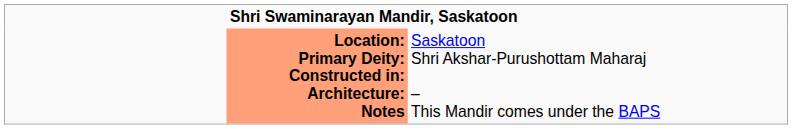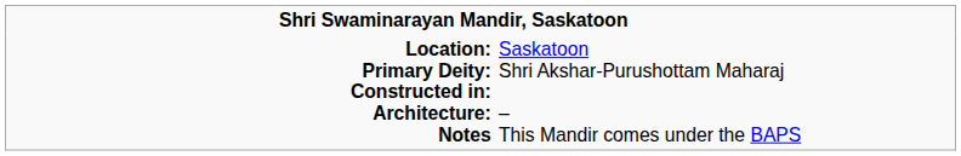 <table class="wikitable plain" border="0" width="800">
 <tr>
 <td width="220px" rowspan="2" style="border:none;"></td>
 <td valign="top" colspan=2 style="border:none;"><strong>Shri Swaminarayan Mandir, Saskatoon</strong></td>
 </tr>
 <tr>
-<td valign="top" style="background: lightsalmon; text-align:right; border:none;"><strong>Location:</strong> <br><strong>Primary Deity:</strong><br><strong>Constructed in:</strong><br><strong>Architecture:</strong><br><strong>Notes</strong></td>
+<td valign="top" style="text-align:right; border:none;"><strong>Location:</strong> <br><strong>Primary Deity:</strong><br><strong>Constructed in:</strong><br><strong>Architecture:</strong><br><strong>Notes</strong></td>
 <td valign="top" style="border:none;"><a href='#'>Saskatoon</a> <br> Shri Akshar-Purushottam Maharaj<br>  <br>– <br>This Mandir comes under the <a href='#'>BAPS</a></td>
 </tr>
 </table>
